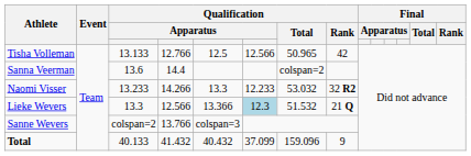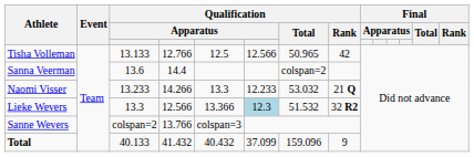 <table class="wikitable" style="font-size:90%">
 <tr>
 <th rowspan=3>Athlete</th>
 <th rowspan=3>Event</th>
 <th colspan=6>Qualification</th>
 <th colspan=6>Final</th>
 </tr>
 <tr style="font-size:95%">
 <th colspan=4>Apparatus</th>
 <th rowspan=2>Total</th>
 <th rowspan=2>Rank</th>
 <th colspan=4>Apparatus</th>
 <th rowspan=2>Total</th>
 <th rowspan=2>Rank</th>
 </tr>
 <tr style="font-size:95%">
 <th></th>
 <th></th>
 <th></th>
 <th></th>
 <th></th>
 <th></th>
 <th></th>
 <th></th>
 </tr>
 <tr align=center>
 <td align=left><a href='#'>Tisha Volleman</a></td>
 <td align=left rowspan=6><a href='#'>Team</a></td>
 <td>13.133</td>
 <td>12.766</td>
 <td>12.5</td>
 <td>12.566</td>
 <td>50.965</td>
 <td>42</td>
 <td colspan=6 rowspan=6>Did not advance</td>
 </tr>
 <tr align=center>
 <td align=left><a href='#'>Sanna Veerman</a></td>
 <td>13.6</td>
 <td>14.4</td>
 <td></td>
 <td></td>
 <td>colspan=2 </td>
 </tr>
 <tr align=center>
 <td align=left><a href='#'>Naomi Visser</a></td>
 <td>13.233</td>
 <td>14.266</td>
 <td>13.3</td>
 <td>12.233</td>
 <td>53.032</td>
-<td>32 <strong>R2</strong></td>
+<td>21 <strong>Q</strong></td>
 </tr>
 <tr align=center>
 <td align=left><a href='#'>Lieke Wevers</a></td>
 <td>13.3</td>
 <td>12.566</td>
 <td>13.366</td>
 <td style="background: lightblue;">12.3</td>
 <td>51.532</td>
-<td>21 <strong>Q</strong></td>
+<td>32 <strong>R2</strong></td>
 </tr>
 <tr align=center>
 <td align=left><a href='#'>Sanne Wevers</a></td>
 <td>colspan=2 </td>
 <td>13.766</td>
 <td>colspan=3 </td>
 </tr>
 <tr align=center>
 <td align=left><strong>Total</strong></td>
 <td>40.133</td>
 <td>41.432</td>
 <td>40.432</td>
 <td>37.099</td>
 <td>159.096</td>
 <td>9</td>
 </tr>
 </table>
